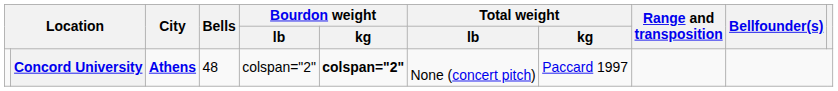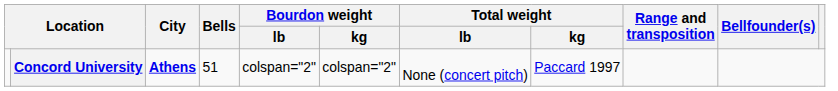 <table class="wikitable plainrowheaders">
 <tr>
 <th scope="col" colspan="2" rowspan="2" class="unsortable">Location</th>
 <th scope="col" rowspan="2">City</th>
 <th scope="col" rowspan="2">Bells</th>
 <th scope="col" colspan="2"><a href='#'>Bourdon</a> weight</th>
 <th scope="col" colspan="2">Total weight</th>
 <th scope="col" rowspan="2" class="unsortable"><a href='#'>Range</a> and<br><a href='#'>transposition</a></th>
 <th scope="col" rowspan="2" class="unsortable"><a href='#'>Bellfounder(s)</a></th>
 <th scope="col" rowspan="2" class="unsortable"></th>
 </tr>
 <tr>
 <th scope="col">lb</th>
 <th scope="col">kg</th>
 <th scope="col">lb</th>
 <th scope="col">kg</th>
 </tr>
 <tr>
 <td></td>
 <th scope="row"><a href='#'>Concord University</a></th>
 <td><strong><a href='#'>Athens</a></strong></td>
-<td>48</td>
+<td>51</td>
 <td>colspan="2" </td>
-<td><strong>colspan="2" </strong></td>
+<td>colspan="2" </td>
 <td style="text-align: center"><br>None (<a href='#'>concert pitch</a>)</td>
 <td><a href='#'>Paccard</a> 1997</td>
 <td></td>
 </tr>
 </table>
